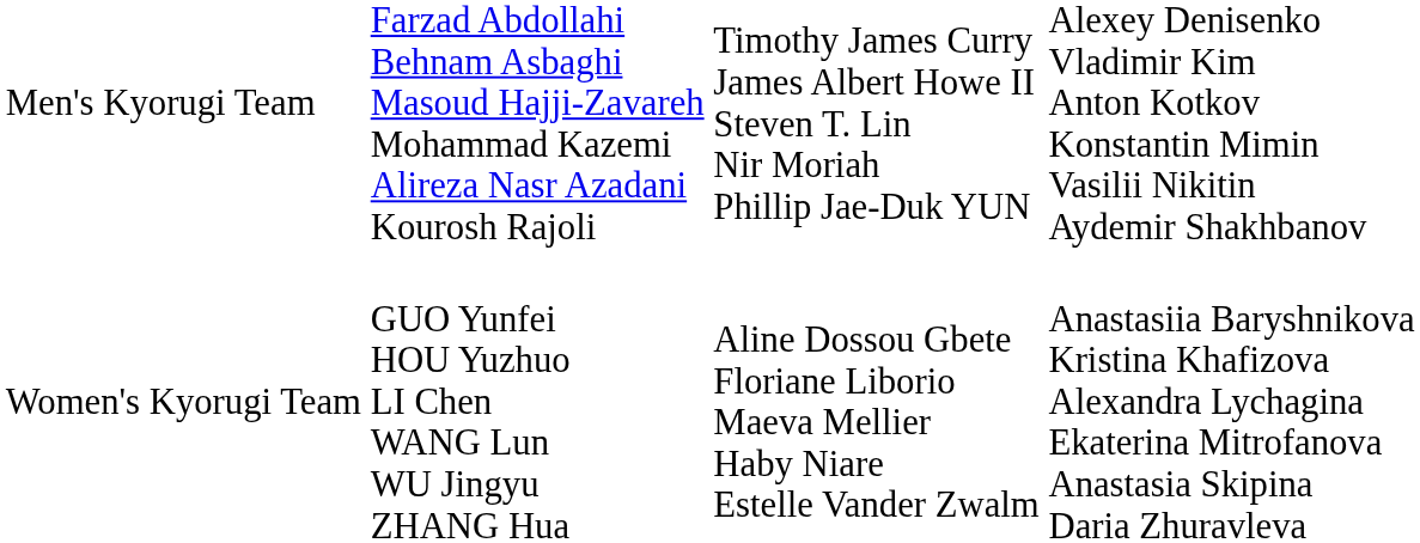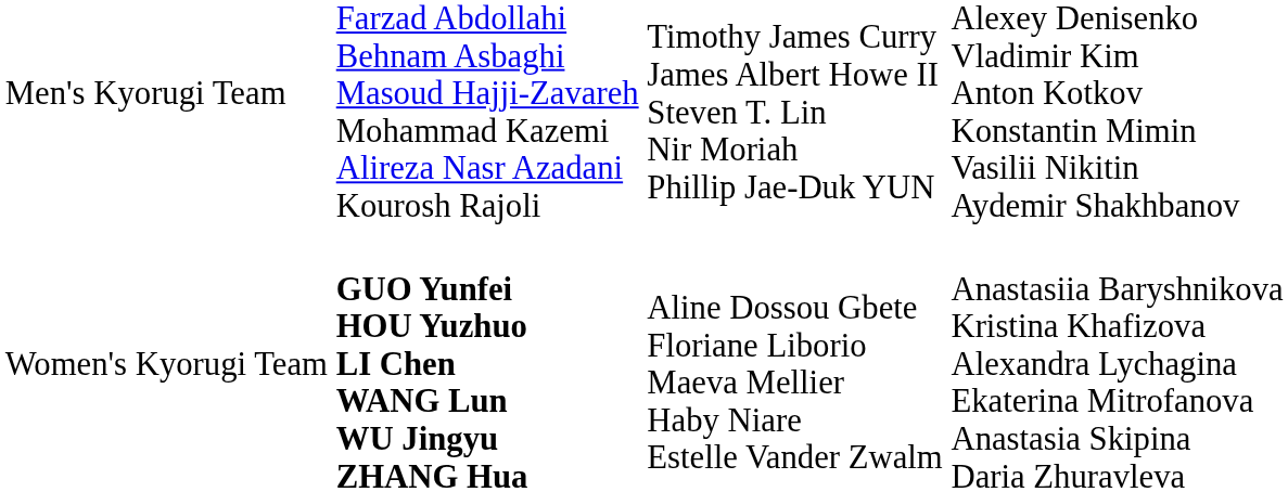 <table>
 <tr>
 <td>Men's Kyorugi Team</td>
 <td><br><a href='#'>Farzad Abdollahi</a><br><a href='#'>Behnam Asbaghi</a><br><a href='#'>Masoud Hajji-Zavareh</a><br>Mohammad Kazemi<br><a href='#'>Alireza Nasr Azadani</a><br>Kourosh Rajoli</td>
 <td><br>Timothy James Curry<br>James Albert Howe II<br>Steven T. Lin<br>Nir Moriah<br>Phillip Jae-Duk YUN</td>
 <td><br>Alexey Denisenko<br>Vladimir Kim<br>Anton Kotkov<br>Konstantin Mimin<br>Vasilii Nikitin<br>Aydemir Shakhbanov</td>
 </tr>
 <tr>
 <td>Women's Kyorugi Team</td>
-<td><br>GUO Yunfei<br>HOU Yuzhuo<br>LI Chen<br>WANG Lun<br>WU Jingyu<br>ZHANG Hua</td>
+<td><strong><br>GUO Yunfei<br>HOU Yuzhuo<br>LI Chen<br>WANG Lun<br>WU Jingyu<br>ZHANG Hua</strong></td>
 <td><br>Aline Dossou Gbete<br>Floriane Liborio<br>Maeva Mellier<br>Haby Niare<br>Estelle Vander Zwalm</td>
 <td><br>Anastasiia Baryshnikova<br>Kristina Khafizova<br>Alexandra Lychagina<br>Ekaterina Mitrofanova<br>Anastasia Skipina<br>Daria Zhuravleva</td>
 </tr>
 </table>
